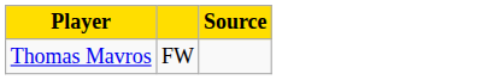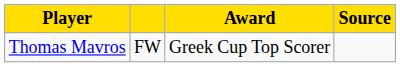 <table class="wikitable">
 <tr>
 <th style="background:#FFDE00">Player</th>
 <th style="background:#FFDE00"></th>
+<th style="background:#FFDE00">Award</th>
 <th style="background:#FFDE00">Source</th>
 </tr>
 <tr>
 <td> <a href='#'>Thomas Mavros</a></td>
 <td align="center">FW</td>
+<td align="center">Greek Cup Top Scorer</td>
 <td align="center"></td>
 </tr>
 </table>
